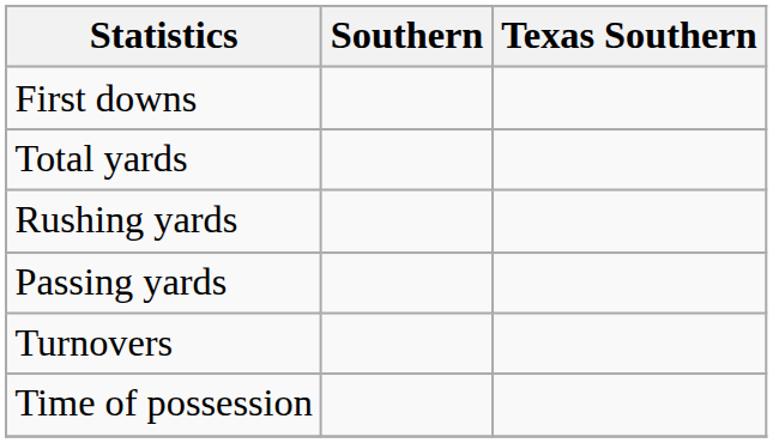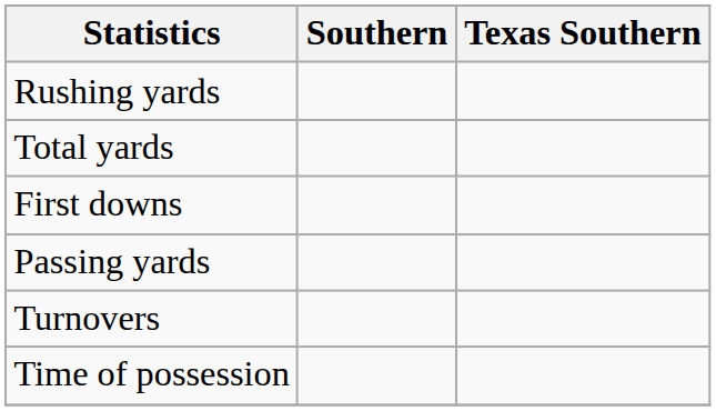 <table class="wikitable">
 <tr>
 <th>Statistics</th>
 <th>Southern</th>
 <th>Texas Southern</th>
 </tr>
 <tr>
-<td>First downs</td>
+<td>Rushing yards</td>
 <td> </td>
 <td> </td>
 </tr>
 <tr>
 <td>Total yards</td>
 <td> </td>
 <td> </td>
 </tr>
 <tr>
-<td>Rushing yards</td>
+<td>First downs</td>
 <td> </td>
 <td> </td>
 </tr>
 <tr>
 <td>Passing yards</td>
 <td> </td>
 <td> </td>
 </tr>
 <tr>
 <td>Turnovers</td>
 <td> </td>
 <td> </td>
 </tr>
 <tr>
 <td>Time of possession</td>
 <td> </td>
 <td> </td>
 </tr>
 <tr>
 </tr>
 </table>
